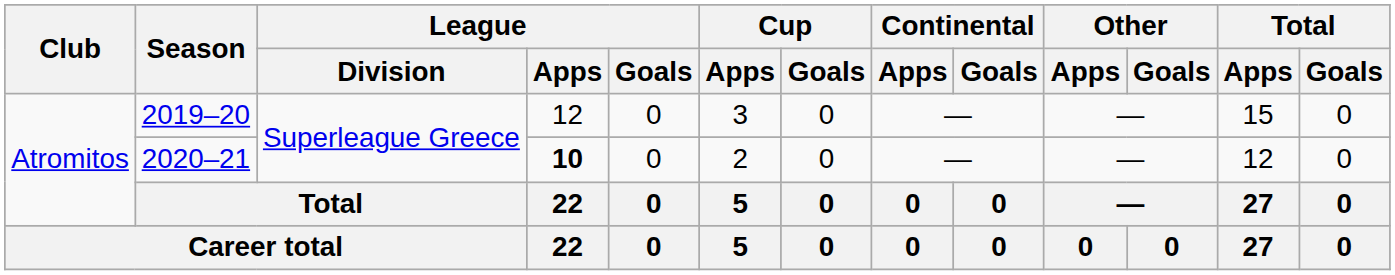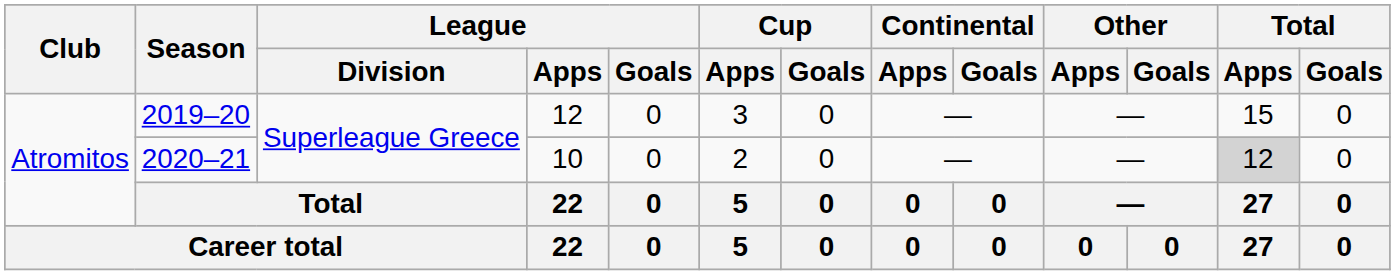 <table class="wikitable" style="text-align:center">
 <tr>
 <th rowspan=2>Club</th>
 <th rowspan=2>Season</th>
 <th colspan=3>League</th>
 <th colspan=2>Cup</th>
 <th colspan=2>Continental</th>
 <th colspan=2>Other</th>
 <th colspan=2>Total</th>
 </tr>
 <tr>
 <th>Division</th>
 <th>Apps</th>
 <th>Goals</th>
 <th>Apps</th>
 <th>Goals</th>
 <th>Apps</th>
 <th>Goals</th>
 <th>Apps</th>
 <th>Goals</th>
 <th>Apps</th>
 <th>Goals</th>
 </tr>
 <tr>
 <td rowspan="3"><a href='#'>Atromitos</a></td>
 <td><a href='#'>2019–20</a></td>
 <td rowspan="2"><a href='#'>Superleague Greece</a></td>
 <td>12</td>
 <td>0</td>
 <td>3</td>
 <td>0</td>
 <td colspan="2">—</td>
 <td colspan="2">—</td>
 <td>15</td>
 <td>0</td>
 </tr>
 <tr>
 <td><a href='#'>2020–21</a></td>
-<td><strong>10</strong></td>
+<td>10</td>
 <td>0</td>
 <td>2</td>
 <td>0</td>
 <td colspan="2">—</td>
 <td colspan="2">—</td>
-<td>12</td>
+<td style="background: lightgrey;">12</td>
 <td>0</td>
 </tr>
 <tr>
 <th colspan="2">Total</th>
 <th>22</th>
 <th>0</th>
 <th>5</th>
 <th>0</th>
 <th>0</th>
 <th>0</th>
 <th colspan="2">—</th>
 <th>27</th>
 <th>0</th>
 </tr>
 <tr>
 <th colspan="3">Career total</th>
 <th>22</th>
 <th>0</th>
 <th>5</th>
 <th>0</th>
 <th>0</th>
 <th>0</th>
 <th>0</th>
 <th>0</th>
 <th>27</th>
 <th>0</th>
 </tr>
 </table>
